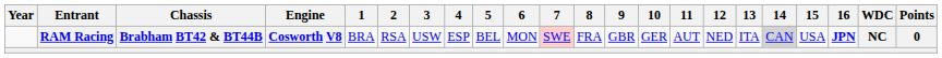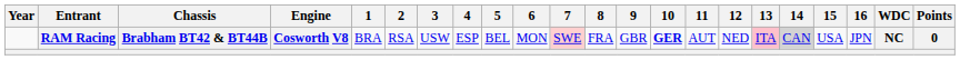 <table class="wikitable" style="text-align:center; font-size:90%">
 <tr>
 <th>Year</th>
 <th>Entrant</th>
 <th>Chassis</th>
 <th>Engine</th>
 <th>1</th>
 <th>2</th>
 <th>3</th>
 <th>4</th>
 <th>5</th>
 <th>6</th>
 <th>7</th>
 <th>8</th>
 <th>9</th>
 <th>10</th>
 <th>11</th>
 <th>12</th>
 <th>13</th>
 <th>14</th>
 <th>15</th>
 <th>16</th>
 <th>WDC</th>
 <th>Points</th>
 </tr>
 <tr>
 <td></td>
 <th><a href='#'>RAM Racing</a></th>
 <th><a href='#'>Brabham</a> <a href='#'>BT42</a> & <a href='#'>BT44B</a></th>
 <th><a href='#'>Cosworth</a> <a href='#'>V8</a></th>
 <td><a href='#'>BRA</a></td>
 <td><a href='#'>RSA</a></td>
 <td><a href='#'>USW</a></td>
 <td><a href='#'>ESP</a></td>
 <td><a href='#'>BEL</a></td>
 <td><a href='#'>MON</a></td>
 <td style="background:#FFCFCF;"><a href='#'>SWE</a><br></td>
 <td><a href='#'>FRA</a></td>
 <td><a href='#'>GBR</a></td>
-<td><a href='#'>GER</a></td>
+<td><strong><a href='#'>GER</a></strong></td>
 <td><a href='#'>AUT</a></td>
 <td><a href='#'>NED</a></td>
-<td><a href='#'>ITA</a></td>
+<td style="background: pink;"><a href='#'>ITA</a></td>
 <td style="background: lightgrey;"><a href='#'>CAN</a></td>
 <td><a href='#'>USA</a></td>
-<td><strong><a href='#'>JPN</a></strong></td>
+<td><a href='#'>JPN</a></td>
 <th>NC</th>
 <th>0</th>
 </tr>
 <tr>
 <th colspan="22"></th>
 </tr>
 </table>
